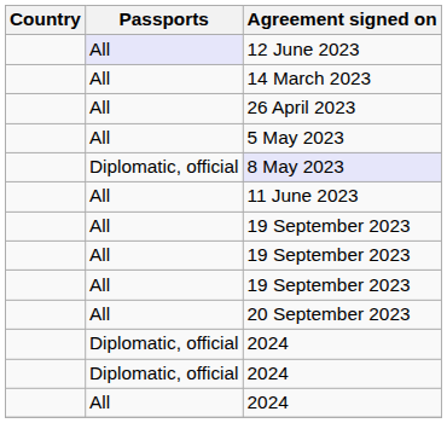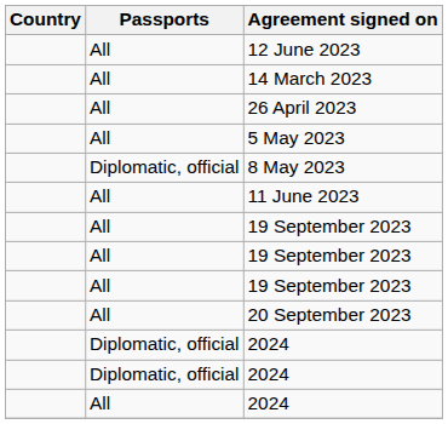 <table class="wikitable sortable">
 <tr>
 <th>Country</th>
 <th>Passports</th>
 <th>Agreement signed on</th>
 </tr>
 <tr>
 <td></td>
-<td style="background: lavender;">All</td>
+<td>All</td>
 <td>12 June 2023</td>
 </tr>
 <tr>
 <td></td>
 <td>All</td>
 <td>14 March 2023</td>
 </tr>
 <tr>
 <td></td>
 <td>All</td>
 <td>26 April 2023</td>
 </tr>
 <tr>
 <td></td>
 <td>All</td>
 <td>5 May 2023</td>
 </tr>
 <tr>
 <td></td>
 <td>Diplomatic, official</td>
-<td style="background: lavender;">8 May 2023</td>
+<td>8 May 2023</td>
 </tr>
 <tr>
 <td></td>
 <td>All</td>
 <td>11 June 2023</td>
 </tr>
 <tr>
 <td></td>
 <td>All</td>
 <td>19 September 2023</td>
 </tr>
 <tr>
 <td></td>
 <td>All</td>
 <td>19 September 2023</td>
 </tr>
 <tr>
 <td></td>
 <td>All</td>
 <td>19 September 2023</td>
 </tr>
 <tr>
 <td></td>
 <td>All</td>
 <td>20 September 2023</td>
 </tr>
 <tr>
 <td></td>
 <td>Diplomatic, official</td>
 <td>2024</td>
 </tr>
 <tr>
 <td></td>
 <td>Diplomatic, official</td>
 <td>2024</td>
 </tr>
 <tr>
 <td></td>
 <td>All</td>
 <td>2024</td>
 </tr>
 <tr>
 </tr>
 </table>
